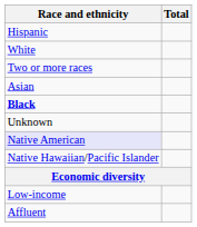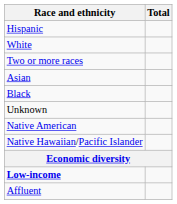 <table class="wikitable floatright sortable collapsible"; text-align:right; font-size:80%;">
 <tr>
 <th>Race and ethnicity</th>
 <th colspan="2" data-sort-type=number>Total</th>
 </tr>
 <tr>
 <td><a href='#'>Hispanic</a></td>
 <td align=right></td>
 </tr>
 <tr>
 <td><a href='#'>White</a></td>
 <td align=right></td>
 </tr>
 <tr>
 <td><a href='#'>Two or more races</a></td>
 <td align=right></td>
 </tr>
 <tr>
 <td><a href='#'>Asian</a></td>
 <td align=right></td>
 </tr>
 <tr>
-<td><strong><a href='#'>Black</a></strong></td>
+<td><a href='#'>Black</a></td>
 <td align=right></td>
 </tr>
 <tr>
 <td>Unknown</td>
 <td align=right></td>
 </tr>
 <tr>
-<td style="background: lavender;"><a href='#'>Native American</a></td>
+<td><a href='#'>Native American</a></td>
 <td align=right></td>
 </tr>
 <tr>
 <td><a href='#'>Native Hawaiian</a>/<a href='#'>Pacific Islander</a></td>
 <td align=right></td>
 </tr>
 <tr>
 <th colspan="4" data-sort-type=number><a href='#'>Economic diversity</a></th>
 </tr>
 <tr>
-<td><a href='#'>Low-income</a></td>
+<td><strong><a href='#'>Low-income</a></strong></td>
 <td align=right></td>
 </tr>
 <tr>
 <td><a href='#'>Affluent</a></td>
 <td align=right></td>
 </tr>
 </table>
